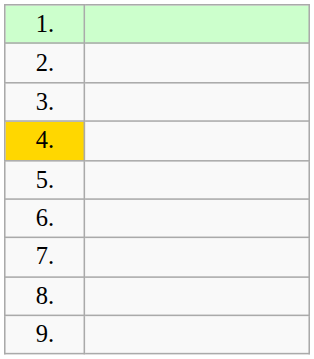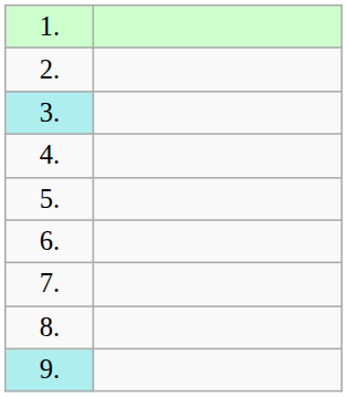 <table class="wikitable" style="text-align:center; width:200px;">
 <tr style="background:#cfc;">
 <td style="width:45px;">1.</td>
 <td style="padding-left:4px; text-align:left;"></td>
 </tr>
 <tr>
 <td>2.</td>
 <td style="padding-left:4px; text-align:left;"></td>
 </tr>
 <tr>
-<td>3.</td>
+<td style="background: paleturquoise;">3.</td>
 <td style="padding-left:4px; text-align:left;"></td>
 </tr>
 <tr>
-<td style="background: gold;">4.</td>
+<td>4.</td>
 <td style="padding-left:4px; text-align:left;"></td>
 </tr>
 <tr>
 <td>5.</td>
 <td style="padding-left:4px; text-align:left;"></td>
 </tr>
 <tr>
 <td>6.</td>
 <td style="padding-left:4px; text-align:left;"></td>
 </tr>
 <tr>
 <td>7.</td>
 <td style="padding-left:4px; text-align:left;"></td>
 </tr>
 <tr>
 <td>8.</td>
 <td style="padding-left:4px; text-align:left;"></td>
 </tr>
 <tr>
-<td>9.</td>
+<td style="background: paleturquoise;">9.</td>
 <td style="padding-left:4px; text-align:left;"></td>
 </tr>
 </table>
